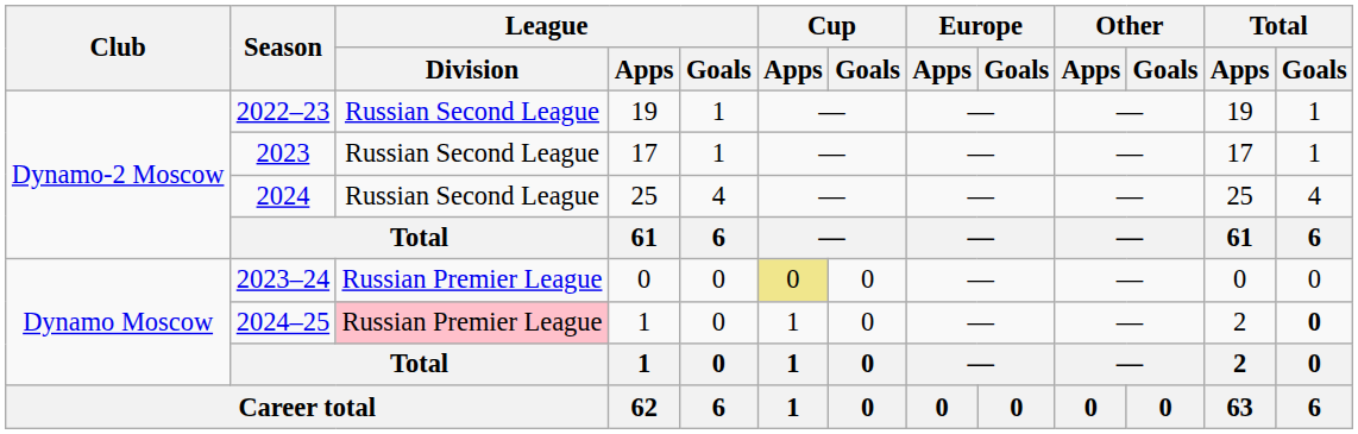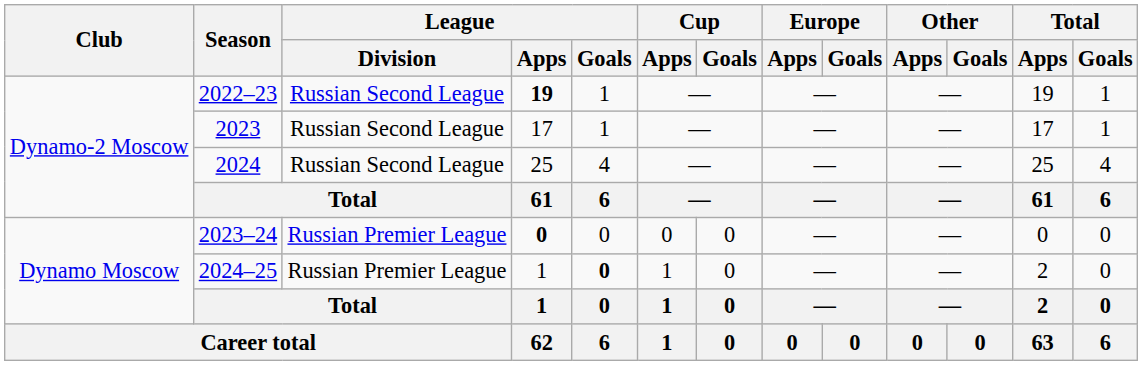 <table class="wikitable" style="text-align: center;">
 <tr>
 <th rowspan=2>Club</th>
 <th rowspan=2>Season</th>
 <th colspan=3>League</th>
 <th colspan=2>Cup</th>
 <th colspan=2>Europe</th>
 <th colspan=2>Other</th>
 <th colspan=2>Total</th>
 </tr>
 <tr>
 <th>Division</th>
 <th>Apps</th>
 <th>Goals</th>
 <th>Apps</th>
 <th>Goals</th>
 <th>Apps</th>
 <th>Goals</th>
 <th>Apps</th>
 <th>Goals</th>
 <th>Apps</th>
 <th>Goals</th>
 </tr>
 <tr>
 <td rowspan="4"><a href='#'>Dynamo-2 Moscow</a></td>
 <td><a href='#'>2022–23</a></td>
 <td><a href='#'>Russian Second League</a></td>
-<td>19</td>
+<td><strong>19</strong></td>
 <td>1</td>
 <td colspan="2">—</td>
 <td colspan="2">—</td>
 <td colspan="2">—</td>
 <td>19</td>
 <td>1</td>
 </tr>
 <tr>
 <td><a href='#'>2023</a></td>
 <td>Russian Second League</td>
 <td>17</td>
 <td>1</td>
 <td colspan="2">—</td>
 <td colspan="2">—</td>
 <td colspan="2">—</td>
 <td>17</td>
 <td>1</td>
 </tr>
 <tr>
 <td><a href='#'>2024</a></td>
 <td>Russian Second League</td>
 <td>25</td>
 <td>4</td>
 <td colspan="2">—</td>
 <td colspan="2">—</td>
 <td colspan="2">—</td>
 <td>25</td>
 <td>4</td>
 </tr>
 <tr>
 <th colspan="2">Total</th>
 <th>61</th>
 <th>6</th>
 <th colspan="2">—</th>
 <th colspan="2">—</th>
 <th colspan="2">—</th>
 <th>61</th>
 <th>6</th>
 </tr>
 <tr>
 <td rowspan="3"><a href='#'>Dynamo Moscow</a></td>
 <td><a href='#'>2023–24</a></td>
 <td><a href='#'>Russian Premier League</a></td>
+<td><strong>0</strong></td>
 <td>0</td>
 <td>0</td>
-<td style="background: khaki;">0</td>
 <td>0</td>
 <td colspan="2">—</td>
 <td colspan="2">—</td>
 <td>0</td>
 <td>0</td>
 </tr>
 <tr>
 <td><a href='#'>2024–25</a></td>
-<td style="background: pink;">Russian Premier League</td>
+<td>Russian Premier League</td>
 <td>1</td>
-<td>0</td>
+<td><strong>0</strong></td>
 <td>1</td>
 <td>0</td>
 <td colspan="2">—</td>
 <td colspan="2">—</td>
 <td>2</td>
-<td><strong>0</strong></td>
+<td>0</td>
 </tr>
 <tr>
 <th colspan="2">Total</th>
 <th>1</th>
 <th>0</th>
 <th>1</th>
 <th>0</th>
 <th colspan="2">—</th>
 <th colspan="2">—</th>
 <th>2</th>
 <th>0</th>
 </tr>
 <tr>
 <th colspan="3">Career total</th>
 <th>62</th>
 <th>6</th>
 <th>1</th>
 <th>0</th>
 <th>0</th>
 <th>0</th>
 <th>0</th>
 <th>0</th>
 <th>63</th>
 <th>6</th>
 </tr>
 </table>
